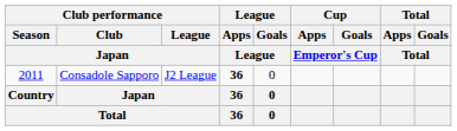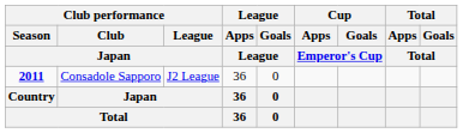 <table class="wikitable" style="text-align:center;">
 <tr>
 <th colspan=3>Club performance</th>
 <th colspan=2>League</th>
 <th colspan=2>Cup</th>
 <th colspan=2>Total</th>
 </tr>
 <tr>
 <th>Season</th>
 <th>Club</th>
 <th>League</th>
 <th>Apps</th>
 <th>Goals</th>
 <th>Apps</th>
 <th>Goals</th>
 <th>Apps</th>
 <th>Goals</th>
 </tr>
 <tr>
 <th colspan=3>Japan</th>
 <th colspan=2>League</th>
 <th colspan=2><a href='#'>Emperor's Cup</a></th>
 <th colspan=2>Total</th>
 </tr>
 <tr>
-<td><a href='#'>2011</a></td>
+<td><strong><a href='#'>2011</a></strong></td>
 <td><a href='#'>Consadole Sapporo</a></td>
 <td><a href='#'>J2 League</a></td>
-<td><strong>36</strong></td>
+<td>36</td>
 <td>0</td>
 <td></td>
 <td></td>
 <td></td>
 <td></td>
 </tr>
 <tr>
 <th rowspan=1>Country</th>
 <th colspan=2>Japan</th>
 <th>36</th>
 <th>0</th>
 <th></th>
 <th></th>
 <th></th>
 <th></th>
 </tr>
 <tr>
 <th colspan=3>Total</th>
 <th>36</th>
 <th>0</th>
 <th></th>
 <th></th>
 <th></th>
 <th></th>
 </tr>
 </table>
